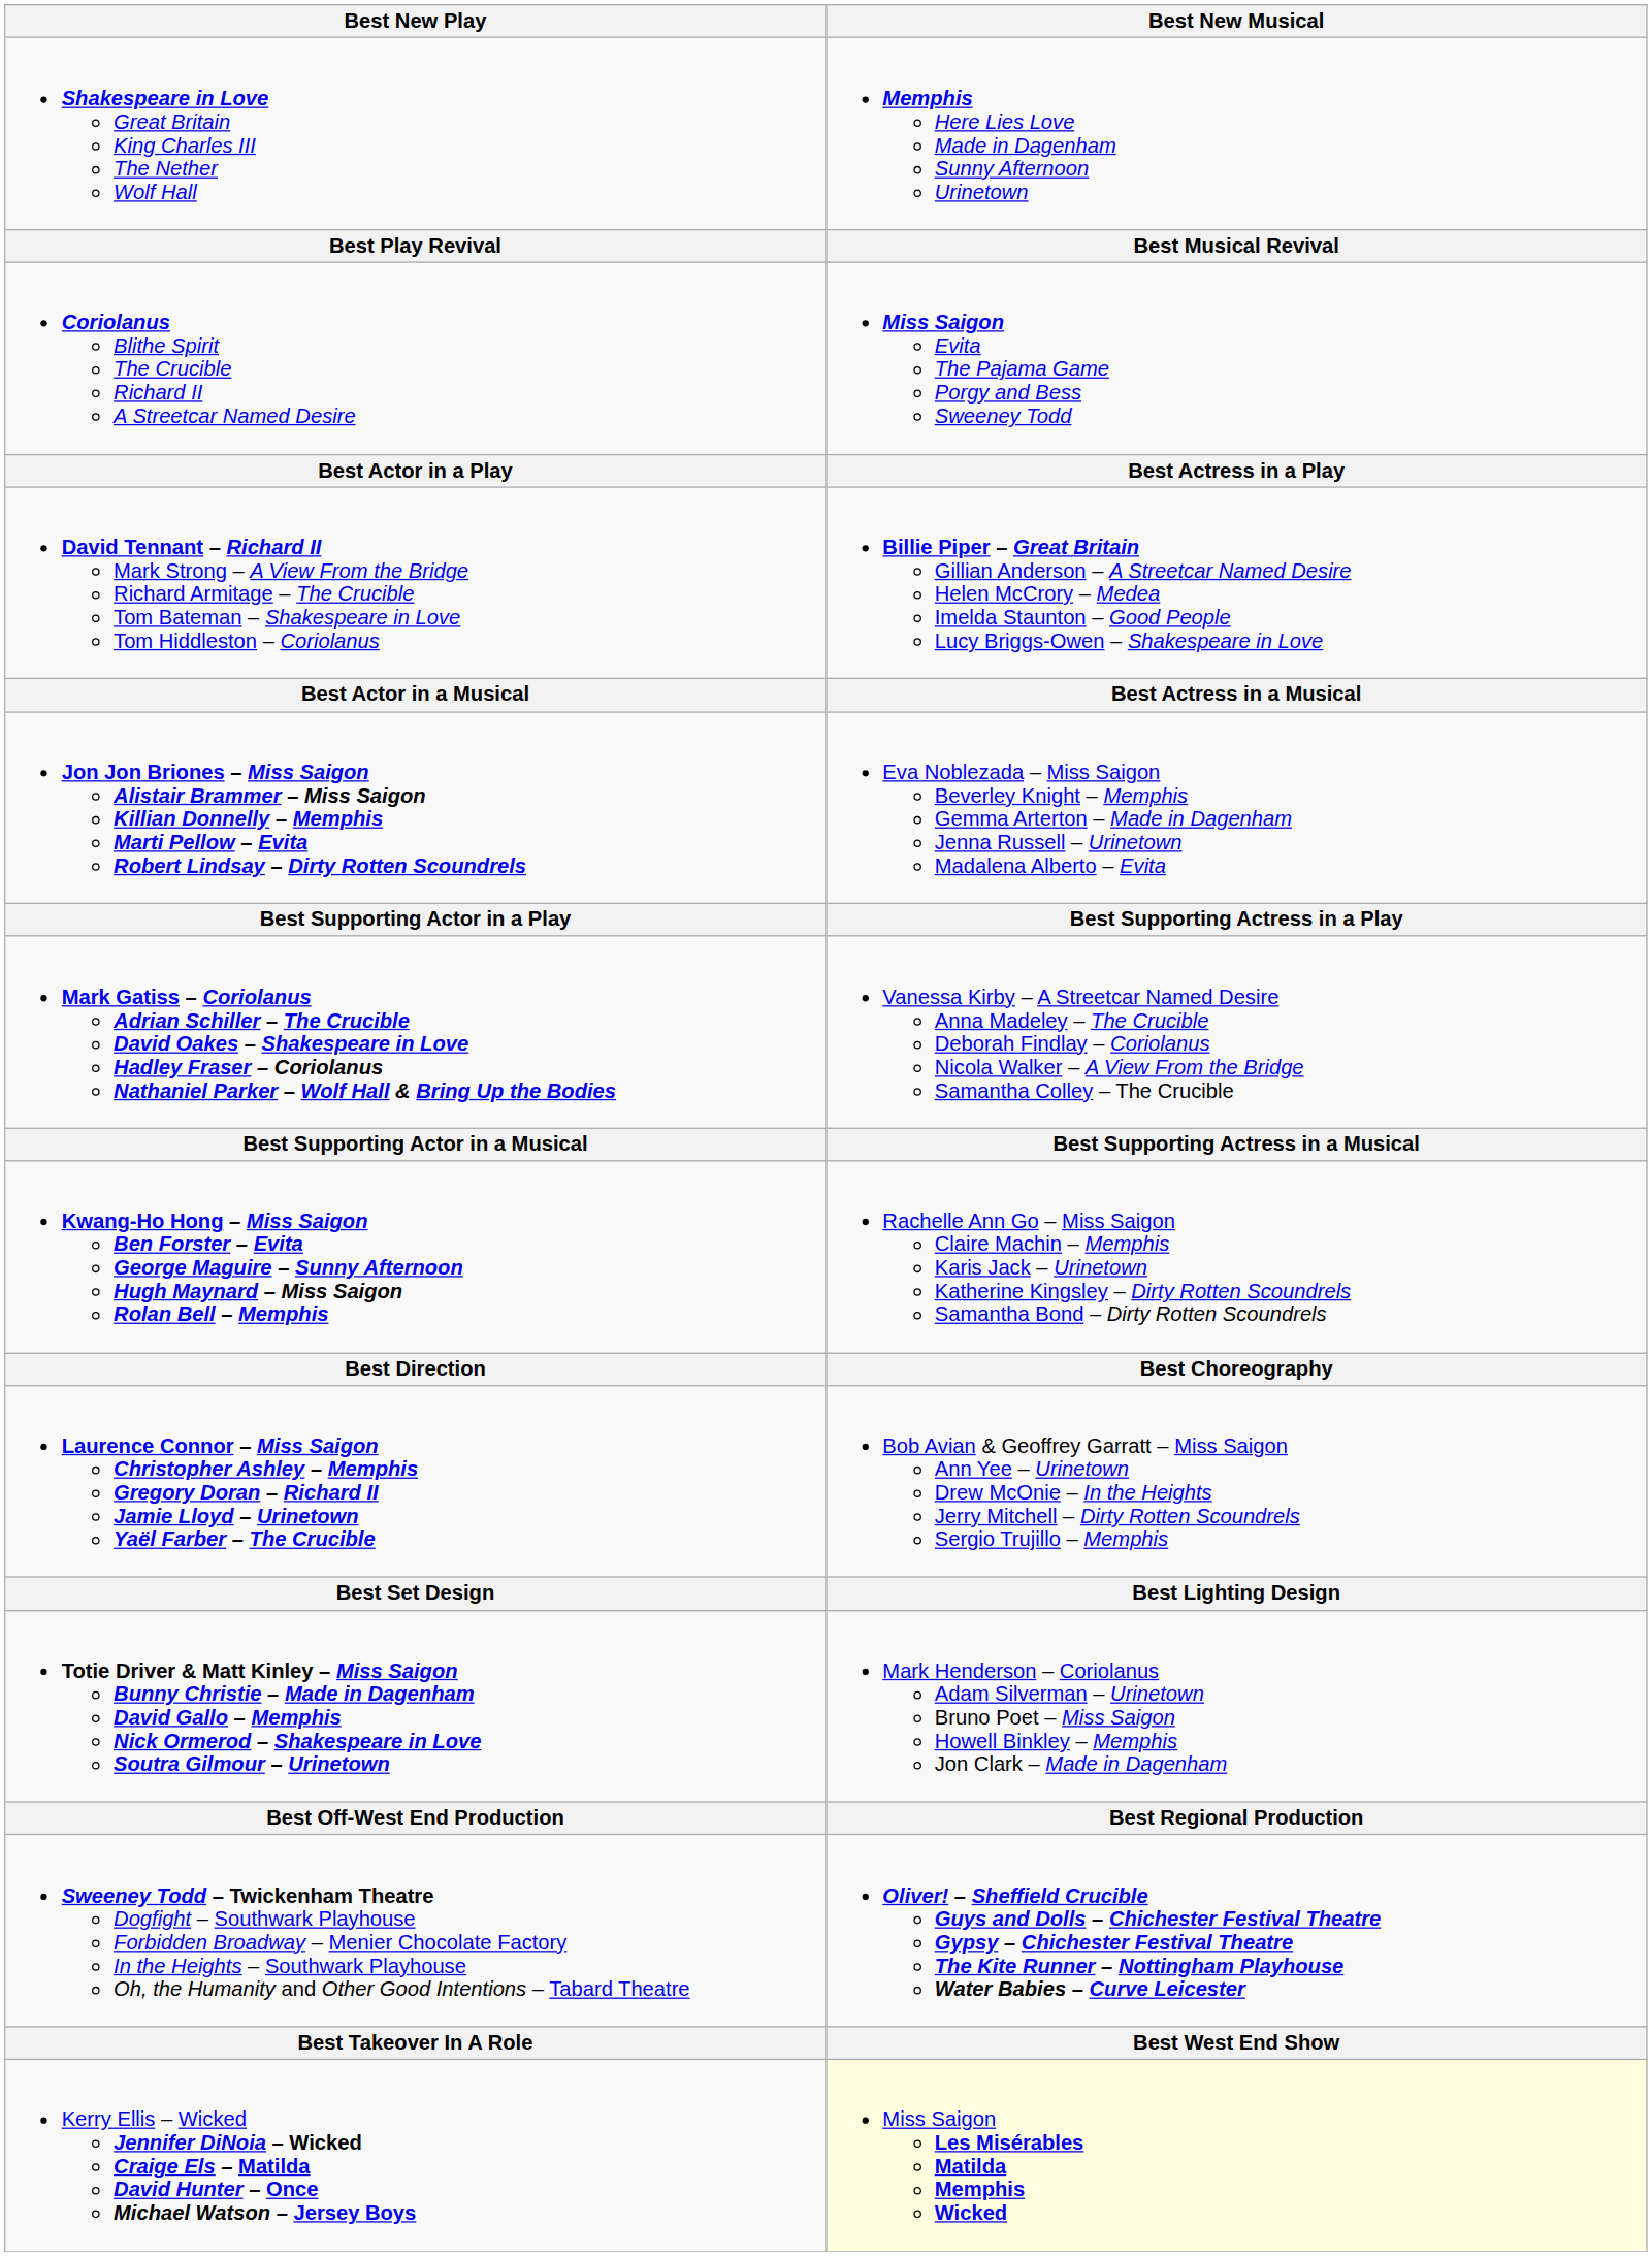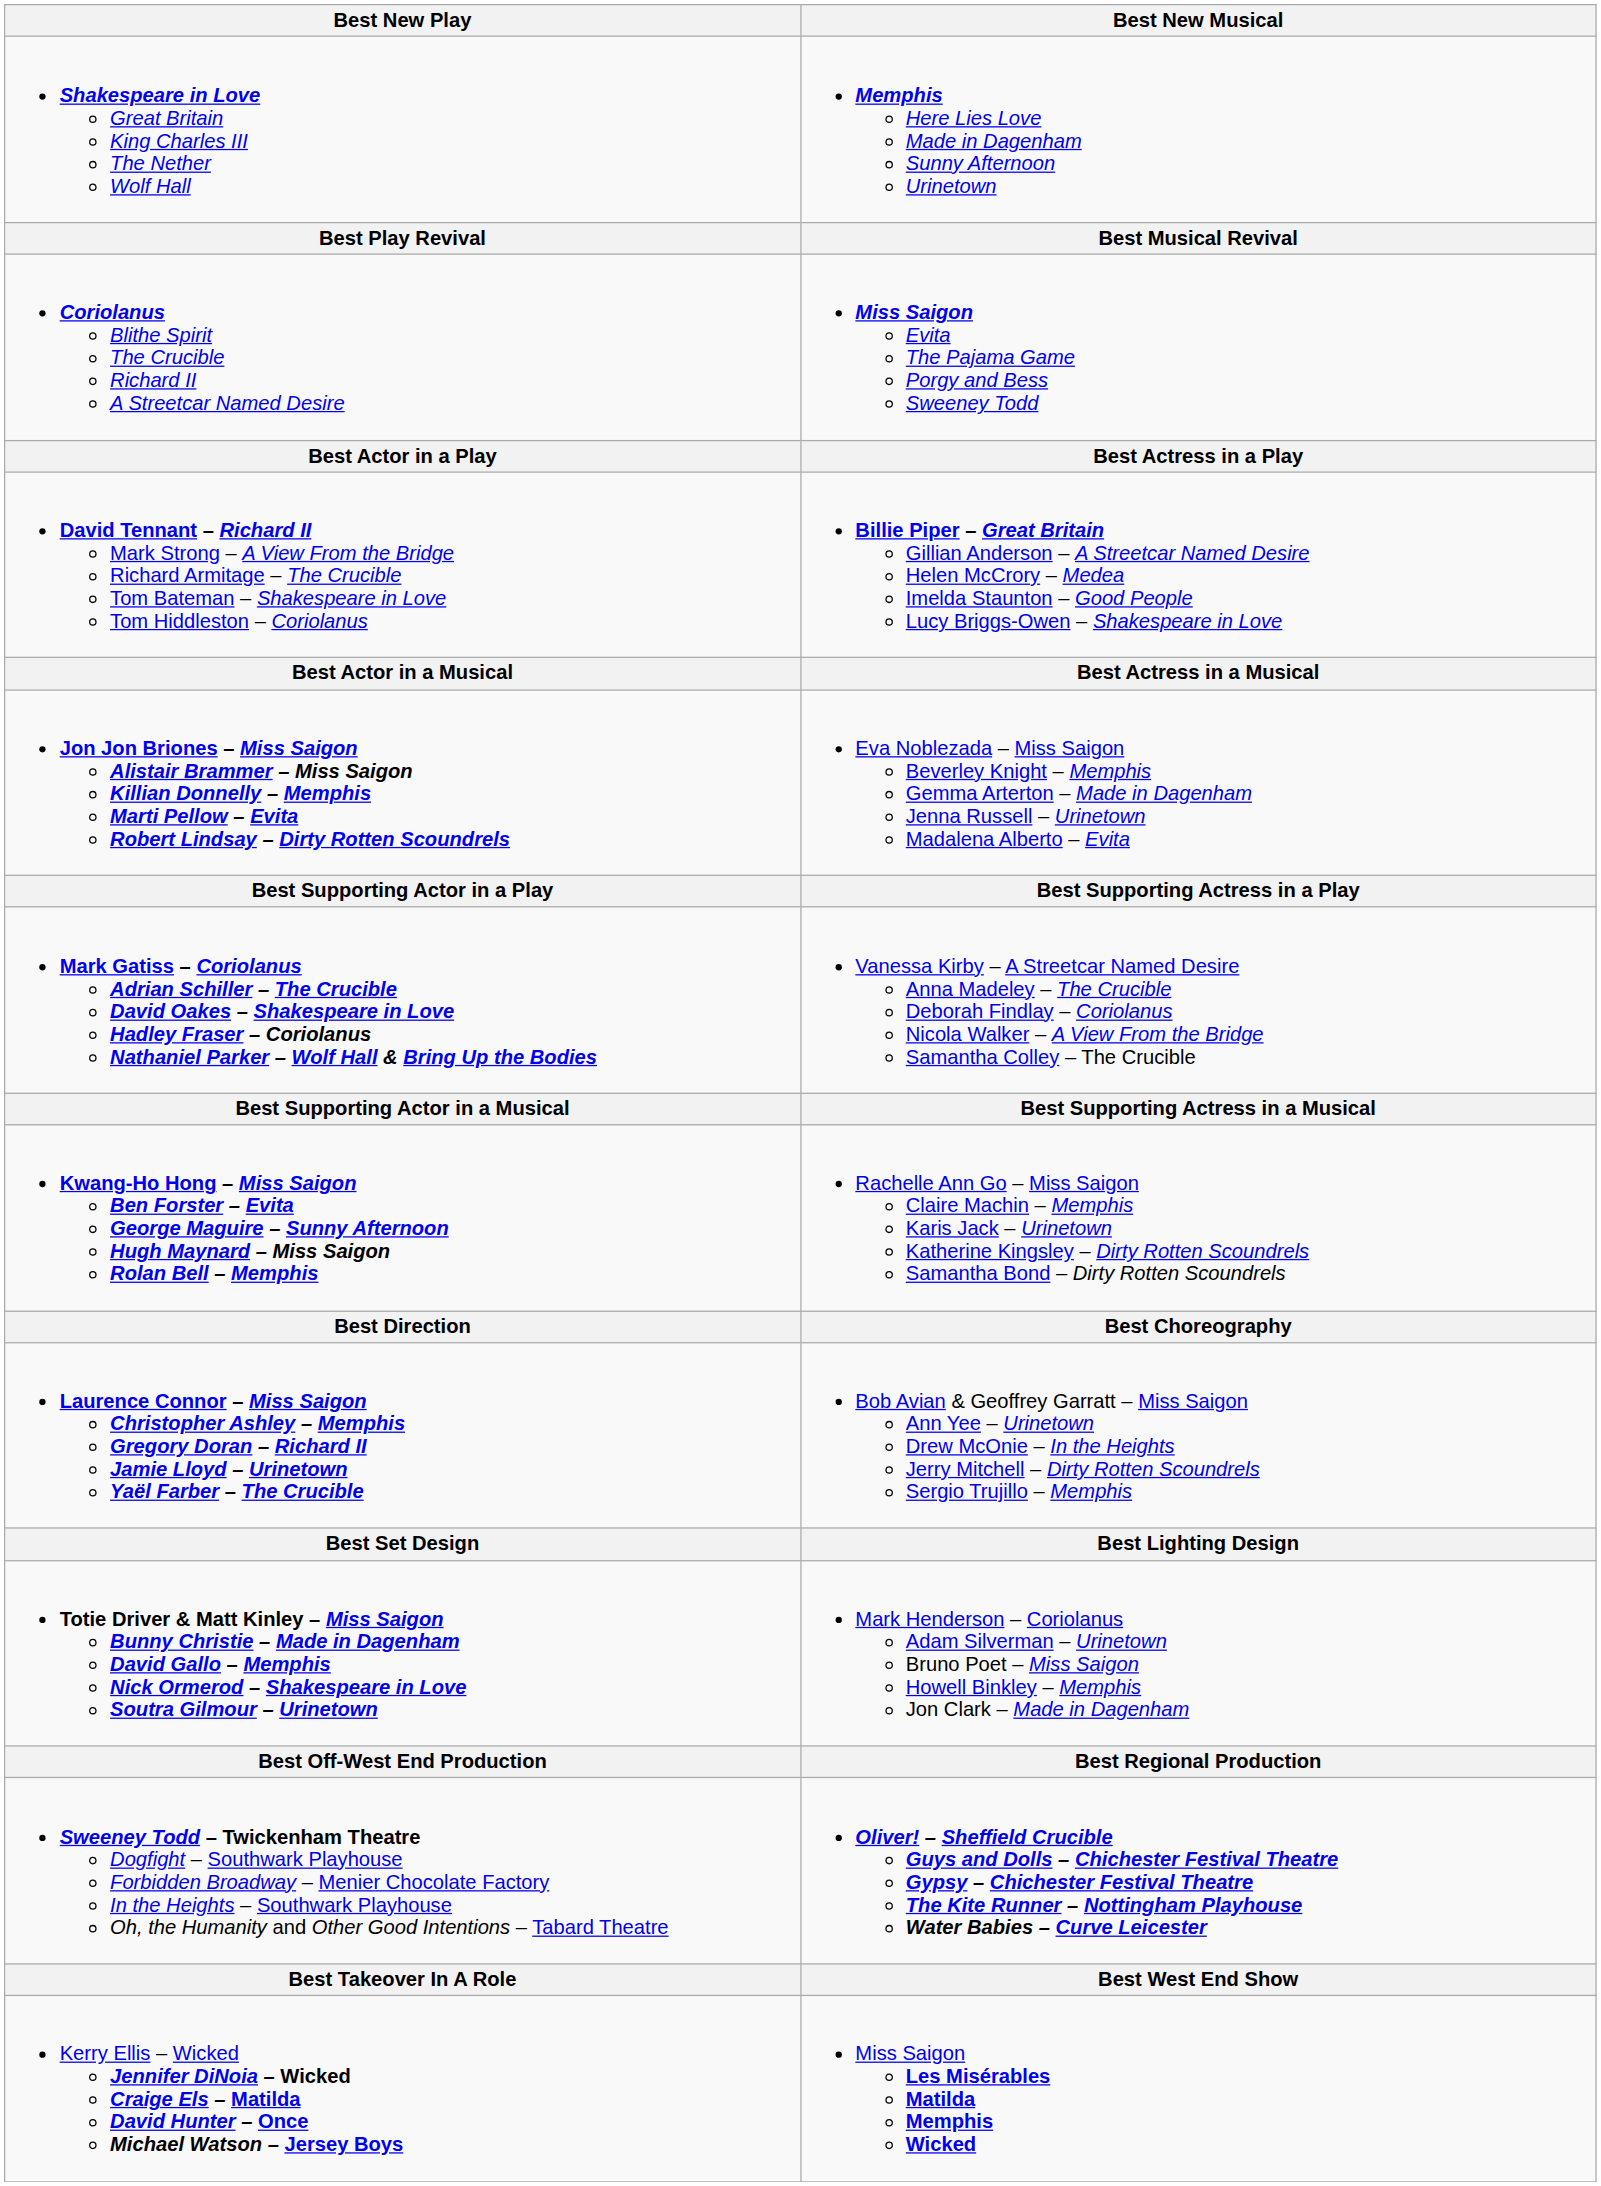 <table class="wikitable" width="100%">
 <tr>
 <th width="50%">Best New Play</th>
 <th width="50%">Best New Musical</th>
 </tr>
 <tr>
 <td valign="top"><br><ul><li><a href='#'><strong><em>Shakespeare in Love</em></strong></a><ul><li><a href='#'><em>Great Britain</em></a></li><li><a href='#'><em>King Charles III</em></a></li><li><em><a href='#'>The Nether</a></em></li><li><em><a href='#'>Wolf Hall</a></em></li></ul></li></ul></td>
 <td valign="top"><br><ul><li><a href='#'><strong><em>Memphis</em></strong></a><ul><li><a href='#'><em>Here Lies Love</em></a></li><li><a href='#'><em>Made in Dagenham</em></a></li><li><a href='#'><em>Sunny Afternoon</em></a></li><li><em><a href='#'>Urinetown</a></em></li></ul></li></ul></td>
 </tr>
 <tr>
 <th width="50%">Best Play Revival</th>
 <th width="50%">Best Musical Revival</th>
 </tr>
 <tr>
 <td valign="top"><br><ul><li><strong><em><a href='#'>Coriolanus</a></em></strong><ul><li><a href='#'><em>Blithe Spirit</em></a></li><li><em><a href='#'>The Crucible</a></em></li><li><a href='#'><em>Richard II</em></a></li><li><em><a href='#'>A Streetcar Named Desire</a></em></li></ul></li></ul></td>
 <td valign="top"><br><ul><li><strong><em><a href='#'>Miss Saigon</a></em></strong><ul><li><a href='#'><em>Evita</em></a></li><li><em><a href='#'>The Pajama Game</a></em></li><li><em><a href='#'>Porgy and Bess</a></em></li><li><a href='#'><em>Sweeney Todd</em></a></li></ul></li></ul></td>
 </tr>
 <tr>
 <th width="50%">Best Actor in a Play</th>
 <th width="50%">Best Actress in a Play</th>
 </tr>
 <tr>
 <td valign="top"><br><ul><li><strong><a href='#'>David Tennant</a> – <a href='#'><em>Richard II</em></a></strong><ul><li><a href='#'>Mark Strong</a> – <a href='#'><em>A View From the Bridge</em></a></li><li><a href='#'>Richard Armitage</a> – <em><a href='#'>The Crucible</a></em></li><li><a href='#'>Tom Bateman</a> – <em><a href='#'>Shakespeare in Love</a></em></li><li><a href='#'>Tom Hiddleston</a> – <em><a href='#'>Coriolanus</a></em></li></ul></li></ul></td>
 <td valign="top"><br><ul><li><strong><a href='#'>Billie Piper</a> – <a href='#'><em>Great Britain</em></a></strong><ul><li><a href='#'>Gillian Anderson</a> – <em><a href='#'>A Streetcar Named Desire</a></em></li><li><a href='#'>Helen McCrory</a> – <a href='#'><em>Medea</em></a></li><li><a href='#'>Imelda Staunton</a> – <a href='#'><em>Good People</em></a></li><li><a href='#'>Lucy Briggs-Owen</a> – <a href='#'><em>Shakespeare in Love</em></a></li></ul></li></ul></td>
 </tr>
 <tr>
 <th width="50%">Best Actor in a Musical</th>
 <th width="50%">Best Actress in a Musical</th>
 </tr>
 <tr>
 <td valign="top"><br><ul><li><strong><a href='#'>Jon Jon Briones</a> – <em><a href='#'>Miss Saigon</a><strong><em><ul><li><a href='#'>Alistair Brammer</a> – </em>Miss Saigon<em></li><li><a href='#'>Killian Donnelly</a> – <a href='#'></em>Memphis<em></a></li><li><a href='#'>Marti Pellow</a> – <a href='#'></em>Evita<em></a></li><li><a href='#'>Robert Lindsay</a> – <a href='#'></em>Dirty Rotten Scoundrels<em></a></li></ul></li></ul></td>
 <td valign="top"><br><ul><li></strong><a href='#'>Eva Noblezada</a> – </em><a href='#'>Miss Saigon</a></em></strong><ul><li><a href='#'>Beverley Knight</a> – <a href='#'><em>Memphis</em></a></li><li><a href='#'>Gemma Arterton</a> – <a href='#'><em>Made in Dagenham</em></a></li><li><a href='#'>Jenna Russell</a> – <em><a href='#'>Urinetown</a></em></li><li><a href='#'>Madalena Alberto</a> – <a href='#'><em>Evita</em></a></li></ul></li></ul></td>
 </tr>
 <tr>
 <th>Best Supporting Actor in a Play</th>
 <th>Best Supporting Actress in a Play</th>
 </tr>
 <tr>
 <td valign="top"><br><ul><li><strong><a href='#'>Mark Gatiss</a> – <em><a href='#'>Coriolanus</a><strong><em><ul><li><a href='#'>Adrian Schiller</a> – </em><a href='#'>The Crucible</a><em></li><li><a href='#'>David Oakes</a> – <a href='#'></em>Shakespeare in Love<em></a></li><li><a href='#'>Hadley Fraser</a> – </em>Coriolanus<em></li><li><a href='#'>Nathaniel Parker</a> – </em><a href='#'>Wolf Hall</a> & <a href='#'>Bring Up the Bodies</a><em></li></ul></li></ul></td>
 <td valign="top"><br><ul><li></strong><a href='#'>Vanessa Kirby</a> – </em><a href='#'>A Streetcar Named Desire</a></em></strong><ul><li><a href='#'>Anna Madeley</a> – <em><a href='#'>The Crucible</a></em></li><li><a href='#'>Deborah Findlay</a> – <em><a href='#'>Coriolanus</a></em></li><li><a href='#'>Nicola Walker</a> – <em><a href='#'>A View From the Bridge</a></em></li><li><a href='#'>Samantha Colley</a> – The Crucible</li></ul></li></ul></td>
 </tr>
 <tr>
 <th>Best Supporting Actor in a Musical</th>
 <th>Best Supporting Actress in a Musical</th>
 </tr>
 <tr>
 <td valign="top"><br><ul><li><strong><a href='#'>Kwang-Ho Hong</a> – <em><a href='#'>Miss Saigon</a><strong><em><ul><li><a href='#'>Ben Forster</a> – <a href='#'></em>Evita<em></a></li><li><a href='#'>George Maguire</a> – <a href='#'></em>Sunny Afternoon<em></a></li><li><a href='#'>Hugh Maynard</a> – </em>Miss Saigon<em></li><li><a href='#'>Rolan Bell</a> – <a href='#'></em>Memphis<em></a></li></ul></li></ul></td>
 <td valign="top"><br><ul><li></strong><a href='#'>Rachelle Ann Go</a> </em>– <a href='#'>Miss Saigon</a></em></strong><ul><li><a href='#'>Claire Machin</a> – <a href='#'><em>Memphis</em></a></li><li><a href='#'>Karis Jack</a> – <em><a href='#'>Urinetown</a></em></li><li><a href='#'>Katherine Kingsley</a> – <a href='#'><em>Dirty Rotten Scoundrels</em></a></li><li><a href='#'>Samantha Bond</a> – <em>Dirty Rotten Scoundrels</em></li></ul></li></ul></td>
 </tr>
 <tr>
 <th>Best Direction</th>
 <th>Best Choreography</th>
 </tr>
 <tr>
 <td valign="top"><br><ul><li><strong><a href='#'>Laurence Connor</a> – <em><a href='#'>Miss Saigon</a><strong><em><ul><li><a href='#'>Christopher Ashley</a> – <a href='#'></em>Memphis<em></a></li><li><a href='#'>Gregory Doran</a> – <a href='#'></em>Richard II<em></a></li><li><a href='#'>Jamie Lloyd</a> – </em><a href='#'>Urinetown</a><em></li><li><a href='#'>Yaël Farber</a> – <a href='#'>The Crucible</a></li></ul></li></ul></td>
 <td valign="top"><br><ul><li></strong><a href='#'>Bob Avian</a> & Geoffrey Garratt – </em><a href='#'>Miss Saigon</a></em></strong><ul><li><a href='#'>Ann Yee</a> – <em><a href='#'>Urinetown</a></em></li><li><a href='#'>Drew McOnie</a> – <em><a href='#'>In the Heights</a></em></li><li><a href='#'>Jerry Mitchell</a> – <a href='#'><em>Dirty Rotten Scoundrels</em></a></li><li><a href='#'>Sergio Trujillo</a> – <a href='#'><em>Memphis</em></a></li></ul></li></ul></td>
 </tr>
 <tr>
 <th>Best Set Design</th>
 <th>Best Lighting Design</th>
 </tr>
 <tr>
 <td valign="top"><br><ul><li><strong>Totie Driver & Matt Kinley – <em><a href='#'>Miss Saigon</a><strong><em><ul><li><a href='#'>Bunny Christie</a> – <a href='#'></em>Made in Dagenham<em></a></li><li><a href='#'>David Gallo</a> – <a href='#'></em>Memphis<em></a></li><li><a href='#'>Nick Ormerod</a> – <a href='#'></em>Shakespeare in Love<em></a></li><li><a href='#'>Soutra Gilmour</a> – </em><a href='#'>Urinetown</a><em></li></ul></li></ul></td>
 <td valign="top"><br><ul><li></strong><a href='#'>Mark Henderson</a> – </em><a href='#'>Coriolanus</a></em></strong><ul><li><a href='#'>Adam Silverman</a> – <em><a href='#'>Urinetown</a></em></li><li>Bruno Poet – <em><a href='#'>Miss Saigon</a></em></li><li><a href='#'>Howell Binkley</a> – <a href='#'><em>Memphis</em></a></li><li>Jon Clark – <a href='#'><em>Made in Dagenham</em></a></li></ul></li></ul></td>
 </tr>
 <tr>
 <th>Best Off-West End Production</th>
 <th>Best Regional Production</th>
 </tr>
 <tr>
 <td valign="top"><br><ul><li><strong><a href='#'><em>Sweeney Todd</em></a> – Twickenham Theatre</strong><ul><li><a href='#'><em>Dogfight</em></a> – <a href='#'>Southwark Playhouse</a></li><li><em><a href='#'>Forbidden Broadway</a></em> – <a href='#'>Menier Chocolate Factory</a></li><li><em><a href='#'>In the Heights</a></em> – <a href='#'>Southwark Playhouse</a></li><li><em>Oh, the Humanity</em> and <em>Other Good Intentions</em> – <a href='#'>Tabard Theatre</a></li></ul></li></ul></td>
 <td valign="top"><br><ul><li><strong><em><a href='#'>Oliver!</a><em> – <a href='#'>Sheffield Crucible</a><strong><ul><li></em><a href='#'>Guys and Dolls</a><em> – <a href='#'>Chichester Festival Theatre</a></li><li><a href='#'></em>Gypsy<em></a> – <a href='#'>Chichester Festival Theatre</a></li><li><a href='#'></em>The Kite Runner<em></a> – <a href='#'>Nottingham Playhouse</a></li><li></em>Water Babies<em> – <a href='#'>Curve Leicester</a></li></ul></li></ul></td>
 </tr>
 <tr>
 <th>Best Takeover In A Role</th>
 <th>Best West End Show</th>
 </tr>
 <tr>
 <td valign="top"><br><ul><li></strong><a href='#'>Kerry Ellis</a> – <a href='#'></em>Wicked<em></a><strong><ul><li><a href='#'>Jennifer DiNoia</a> – </em>Wicked<em></li><li><a href='#'>Craige Els</a> – <a href='#'></em>Matilda<em></a></li><li><a href='#'>David Hunter</a> – <a href='#'></em>Once<em></a></li><li>Michael Watson – </em><a href='#'>Jersey Boys</a><em></li></ul></li></ul></td>
-<td style="background: lightyellow;"><br><ul><li><a href='#'></em></strong>Miss Saigon<strong><em></a><ul><li><a href='#'></em>Les Misérables<em></a></li><li><a href='#'></em>Matilda<em></a></li><li><a href='#'></em>Memphis<em></a></li><li><a href='#'></em>Wicked<em></a></li></ul></li></ul></td>
+<td><br><ul><li><a href='#'></em></strong>Miss Saigon<strong><em></a><ul><li><a href='#'></em>Les Misérables<em></a></li><li><a href='#'></em>Matilda<em></a></li><li><a href='#'></em>Memphis<em></a></li><li><a href='#'></em>Wicked<em></a></li></ul></li></ul></td>
 </tr>
 </table>
